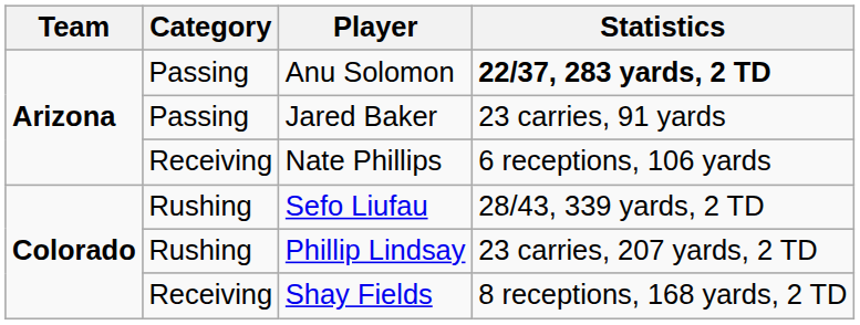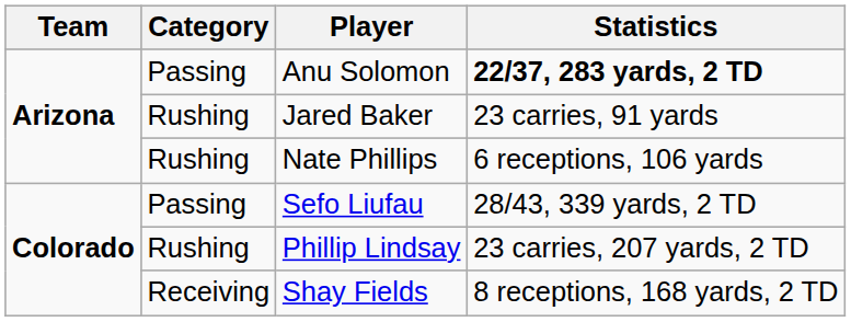 <table class="wikitable" style="float: right;">
 <tr>
 <th>Team</th>
 <th>Category</th>
 <th>Player</th>
 <th>Statistics</th>
 </tr>
 <tr>
 <td rowspan=3><strong>Arizona</strong></td>
 <td>Passing</td>
 <td>Anu Solomon</td>
 <td><strong>22/37, 283 yards, 2 TD</strong></td>
 </tr>
 <tr>
-<td>Passing</td>
+<td>Rushing</td>
 <td>Jared Baker</td>
 <td>23 carries, 91 yards</td>
 </tr>
 <tr>
-<td>Receiving</td>
+<td>Rushing</td>
 <td>Nate Phillips</td>
 <td>6 receptions, 106 yards</td>
 </tr>
 <tr>
 <td rowspan=3><strong>Colorado</strong></td>
-<td>Rushing</td>
+<td>Passing</td>
 <td><a href='#'>Sefo Liufau</a></td>
 <td>28/43, 339 yards, 2 TD</td>
 </tr>
 <tr>
 <td>Rushing</td>
 <td><a href='#'>Phillip Lindsay</a></td>
 <td>23 carries, 207 yards, 2 TD</td>
 </tr>
 <tr>
 <td>Receiving</td>
 <td><a href='#'>Shay Fields</a></td>
 <td>8 receptions, 168 yards, 2 TD</td>
 </tr>
 </table>
